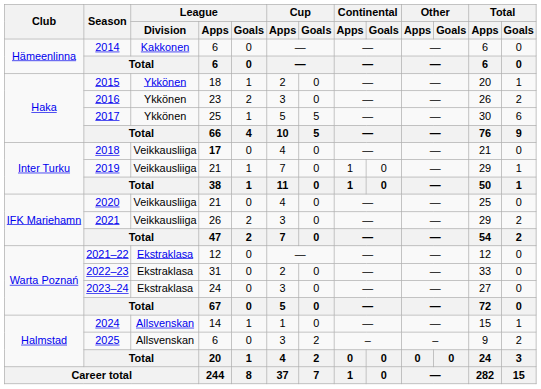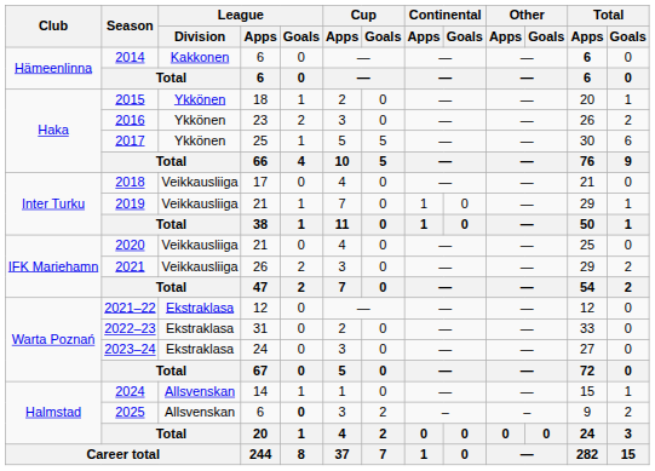 <table class=wikitable style=text-align:center>
 <tr>
 <th rowspan=2>Club</th>
 <th rowspan=2>Season</th>
 <th colspan=3>League</th>
 <th colspan=2>Cup</th>
 <th colspan=2>Continental</th>
 <th colspan=2>Other</th>
 <th colspan=2>Total</th>
 </tr>
 <tr>
 <th>Division</th>
 <th>Apps</th>
 <th>Goals</th>
 <th>Apps</th>
 <th>Goals</th>
 <th>Apps</th>
 <th>Goals</th>
 <th>Apps</th>
 <th>Goals</th>
 <th>Apps</th>
 <th>Goals</th>
 </tr>
 <tr>
 <td rowspan=2><a href='#'>Hämeenlinna</a></td>
 <td><a href='#'>2014</a></td>
 <td><a href='#'>Kakkonen</a></td>
 <td>6</td>
 <td>0</td>
 <td colspan="2">—</td>
 <td colspan="2">—</td>
 <td colspan="2">—</td>
-<td>6</td>
+<td><strong>6</strong></td>
 <td>0</td>
 </tr>
 <tr>
 <th colspan="2">Total</th>
 <th>6</th>
 <th>0</th>
 <th colspan="2">—</th>
 <th colspan="2">—</th>
 <th colspan="2">—</th>
 <th>6</th>
 <th>0</th>
 </tr>
 <tr>
 <td rowspan=4><a href='#'>Haka</a></td>
 <td><a href='#'>2015</a></td>
 <td><a href='#'>Ykkönen</a></td>
 <td>18</td>
 <td>1</td>
 <td>2</td>
 <td>0</td>
 <td colspan="2">—</td>
 <td colspan="2">—</td>
 <td>20</td>
 <td>1</td>
 </tr>
 <tr>
 <td><a href='#'>2016</a></td>
 <td>Ykkönen</td>
 <td>23</td>
 <td>2</td>
 <td>3</td>
 <td>0</td>
 <td colspan="2">—</td>
 <td colspan="2">—</td>
 <td>26</td>
 <td>2</td>
 </tr>
 <tr>
 <td><a href='#'>2017</a></td>
 <td>Ykkönen</td>
 <td>25</td>
 <td>1</td>
 <td>5</td>
 <td>5</td>
 <td colspan="2">—</td>
 <td colspan="2">—</td>
 <td>30</td>
 <td>6</td>
 </tr>
 <tr>
 <th colspan="2">Total</th>
 <th>66</th>
 <th>4</th>
 <th>10</th>
 <th>5</th>
 <th colspan="2">—</th>
 <th colspan="2">—</th>
 <th>76</th>
 <th>9</th>
 </tr>
 <tr>
 <td rowspan=3><a href='#'>Inter Turku</a></td>
 <td><a href='#'>2018</a></td>
 <td>Veikkausliiga</td>
-<td><strong>17</strong></td>
+<td>17</td>
 <td>0</td>
 <td>4</td>
 <td>0</td>
 <td colspan="2">—</td>
 <td colspan="2">—</td>
 <td>21</td>
 <td>0</td>
 </tr>
 <tr>
 <td><a href='#'>2019</a></td>
 <td>Veikkausliiga</td>
 <td>21</td>
 <td>1</td>
 <td>7</td>
 <td>0</td>
 <td>1</td>
 <td>0</td>
 <td colspan="2">—</td>
 <td>29</td>
 <td>1</td>
 </tr>
 <tr>
 <th colspan="2">Total</th>
 <th>38</th>
 <th>1</th>
 <th>11</th>
 <th>0</th>
 <th>1</th>
 <th>0</th>
 <th colspan="2">—</th>
 <th>50</th>
 <th>1</th>
 </tr>
 <tr>
 <td rowspan=3><a href='#'>IFK Mariehamn</a></td>
 <td><a href='#'>2020</a></td>
 <td>Veikkausliiga</td>
 <td>21</td>
 <td>0</td>
 <td>4</td>
 <td>0</td>
 <td colspan="2">—</td>
 <td colspan="2">—</td>
 <td>25</td>
 <td>0</td>
 </tr>
 <tr>
 <td><a href='#'>2021</a></td>
 <td>Veikkausliiga</td>
 <td>26</td>
 <td>2</td>
 <td>3</td>
 <td>0</td>
 <td colspan="2">—</td>
 <td colspan="2">—</td>
 <td>29</td>
 <td>2</td>
 </tr>
 <tr>
 <th colspan="2">Total</th>
 <th>47</th>
 <th>2</th>
 <th>7</th>
 <th>0</th>
 <th colspan="2">—</th>
 <th colspan="2">—</th>
 <th>54</th>
 <th>2</th>
 </tr>
 <tr>
 <td rowspan=4><a href='#'>Warta Poznań</a></td>
 <td><a href='#'>2021–22</a></td>
 <td><a href='#'>Ekstraklasa</a></td>
 <td>12</td>
 <td>0</td>
 <td colspan="2">—</td>
 <td colspan="2">—</td>
 <td colspan="2">—</td>
 <td>12</td>
 <td>0</td>
 </tr>
 <tr>
 <td><a href='#'>2022–23</a></td>
 <td>Ekstraklasa</td>
 <td>31</td>
 <td>0</td>
 <td>2</td>
 <td>0</td>
 <td colspan="2">—</td>
 <td colspan="2">—</td>
 <td>33</td>
 <td>0</td>
 </tr>
 <tr>
 <td><a href='#'>2023–24</a></td>
 <td>Ekstraklasa</td>
 <td>24</td>
 <td>0</td>
 <td>3</td>
 <td>0</td>
 <td colspan="2">—</td>
 <td colspan="2">—</td>
 <td>27</td>
 <td>0</td>
 </tr>
 <tr>
 <th colspan="2">Total</th>
 <th>67</th>
 <th>0</th>
 <th>5</th>
 <th>0</th>
 <th colspan="2">—</th>
 <th colspan="2">—</th>
 <th>72</th>
 <th>0</th>
 </tr>
 <tr>
 <td rowspan=3><a href='#'>Halmstad</a></td>
 <td><a href='#'>2024</a></td>
 <td><a href='#'>Allsvenskan</a></td>
 <td>14</td>
 <td>1</td>
 <td>1</td>
 <td>0</td>
 <td colspan="2">—</td>
 <td colspan="2">—</td>
 <td>15</td>
 <td>1</td>
 </tr>
 <tr>
 <td><a href='#'>2025</a></td>
 <td>Allsvenskan</td>
 <td>6</td>
-<td>0</td>
+<td><strong>0</strong></td>
 <td>3</td>
 <td>2</td>
 <td colspan=2>–</td>
 <td colspan=2>–</td>
 <td>9</td>
 <td>2</td>
 </tr>
 <tr>
 <th colspan=2>Total</th>
 <th>20</th>
 <th>1</th>
 <th>4</th>
 <th>2</th>
 <th>0</th>
 <th>0</th>
 <th>0</th>
 <th>0</th>
 <th>24</th>
 <th>3</th>
 </tr>
 <tr>
 <th colspan=3>Career total</th>
 <th>244</th>
 <th>8</th>
 <th>37</th>
 <th>7</th>
 <th>1</th>
 <th>0</th>
 <th colspan="2">—</th>
 <th>282</th>
 <th>15</th>
 </tr>
 </table>
